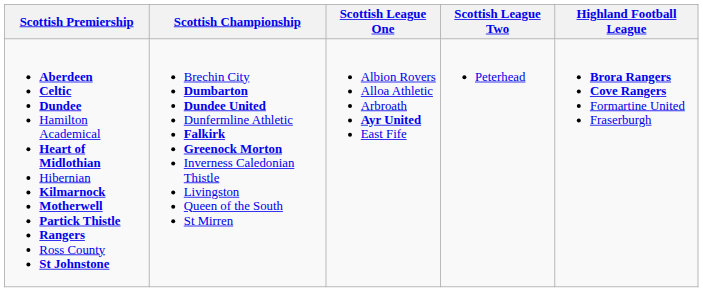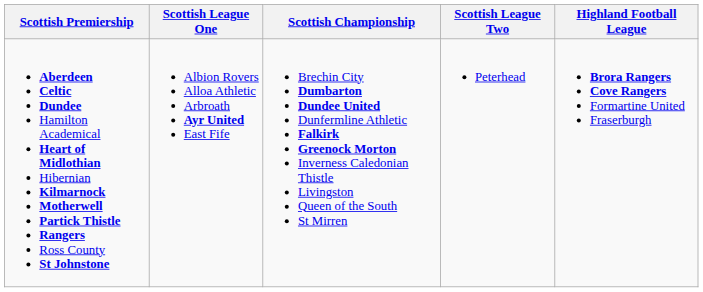 <table class="wikitable" style="text-align:left">
 <tr>
 <th><a href='#'>Scottish Premiership</a></th>
+<th><a href='#'>Scottish League One</a></th>
 <th><a href='#'>Scottish Championship</a></th>
-<th><a href='#'>Scottish League One</a></th>
 <th><a href='#'>Scottish League Two</a></th>
 <th><a href='#'>Highland Football League</a></th>
 </tr>
 <tr>
 <td valign=top><br><ul><li><strong><a href='#'>Aberdeen</a></strong></li><li><strong><a href='#'>Celtic</a></strong></li><li><strong><a href='#'>Dundee</a></strong></li><li><a href='#'>Hamilton Academical</a></li><li><strong><a href='#'>Heart of Midlothian</a></strong></li><li><a href='#'>Hibernian</a></li><li><strong><a href='#'>Kilmarnock</a></strong></li><li><strong><a href='#'>Motherwell</a></strong></li><li><strong><a href='#'>Partick Thistle</a></strong></li><li><strong><a href='#'>Rangers</a></strong></li><li><a href='#'>Ross County</a></li><li><strong><a href='#'>St Johnstone</a></strong></li></ul></td>
+<td valign=top><br><ul><li><a href='#'>Albion Rovers</a></li><li><a href='#'>Alloa Athletic</a></li><li><a href='#'>Arbroath</a></li><li><strong><a href='#'>Ayr United</a></strong></li><li><a href='#'>East Fife</a></li></ul></td>
 <td valign=top><br><ul><li><a href='#'>Brechin City</a></li><li><strong><a href='#'>Dumbarton</a></strong></li><li><strong><a href='#'>Dundee United</a></strong></li><li><a href='#'>Dunfermline Athletic</a></li><li><strong><a href='#'>Falkirk</a></strong></li><li><strong><a href='#'>Greenock Morton</a></strong></li><li><a href='#'>Inverness Caledonian Thistle</a></li><li><a href='#'>Livingston</a></li><li><a href='#'>Queen of the South</a></li><li><a href='#'>St Mirren</a></li></ul></td>
-<td valign=top><br><ul><li><a href='#'>Albion Rovers</a></li><li><a href='#'>Alloa Athletic</a></li><li><a href='#'>Arbroath</a></li><li><strong><a href='#'>Ayr United</a></strong></li><li><a href='#'>East Fife</a></li></ul></td>
 <td valign=top><br><ul><li><a href='#'>Peterhead</a></li></ul></td>
 <td valign=top><br><ul><li><strong><a href='#'>Brora Rangers</a></strong></li><li><strong><a href='#'>Cove Rangers</a></strong></li><li><a href='#'>Formartine United</a></li><li><a href='#'>Fraserburgh</a></li></ul></td>
 </tr>
 </table>
